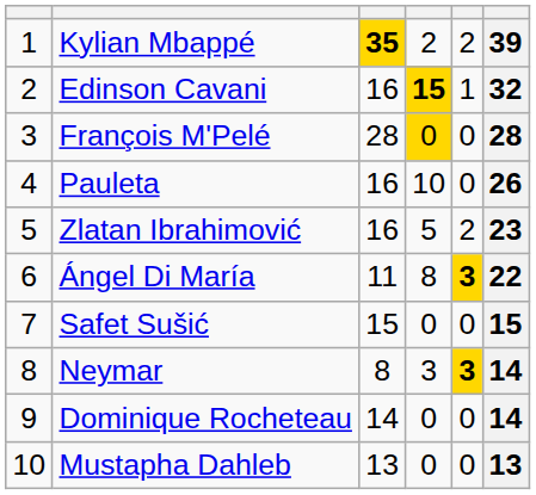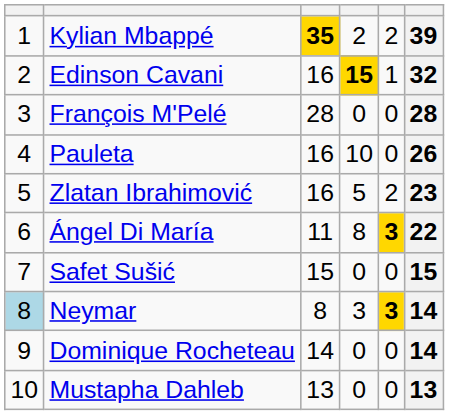 <table class="wikitable plainrowheaders sortable" style="text-align:center">
 <tr>
 <th></th>
 <th></th>
 <th></th>
 <th></th>
 <th></th>
 <th></th>
 </tr>
 <tr>
 <td>1</td>
 <td align="left"> <a href='#'>Kylian Mbappé</a></td>
 <td style=background:gold><strong>35</strong></td>
 <td>2</td>
 <td>2</td>
 <th>39</th>
 </tr>
 <tr>
 <td>2</td>
 <td align="left"> <a href='#'>Edinson Cavani</a></td>
 <td>16</td>
 <td style=background:gold><strong>15</strong></td>
 <td>1</td>
 <th>32</th>
 </tr>
 <tr>
 <td>3</td>
 <td align="left"> <a href='#'>François M'Pelé</a></td>
 <td>28</td>
-<td style="background: gold;">0</td>
+<td>0</td>
 <td>0</td>
 <th>28</th>
 </tr>
 <tr>
 <td>4</td>
 <td align="left"> <a href='#'>Pauleta</a></td>
 <td>16</td>
 <td>10</td>
 <td>0</td>
 <th>26</th>
 </tr>
 <tr>
 <td>5</td>
 <td align="left"> <a href='#'>Zlatan Ibrahimović</a></td>
 <td>16</td>
 <td>5</td>
 <td>2</td>
 <th>23</th>
 </tr>
 <tr>
 <td>6</td>
 <td align="left"> <a href='#'>Ángel Di María</a></td>
 <td>11</td>
 <td>8</td>
 <td style=background:gold><strong>3</strong></td>
 <th>22</th>
 </tr>
 <tr>
 <td>7</td>
 <td align="left"> <a href='#'>Safet Sušić</a></td>
 <td>15</td>
 <td>0</td>
 <td>0</td>
 <th>15</th>
 </tr>
 <tr>
-<td>8</td>
+<td style="background: lightblue;">8</td>
 <td align="left"> <a href='#'>Neymar</a></td>
 <td>8</td>
 <td>3</td>
 <td style=background:gold><strong>3</strong></td>
 <th>14</th>
 </tr>
 <tr>
 <td>9</td>
 <td align="left"> <a href='#'>Dominique Rocheteau</a></td>
 <td>14</td>
 <td>0</td>
 <td>0</td>
 <th>14</th>
 </tr>
 <tr>
 <td>10</td>
 <td align="left"> <a href='#'>Mustapha Dahleb</a></td>
 <td>13</td>
 <td>0</td>
 <td>0</td>
 <th>13</th>
 </tr>
 </table>
